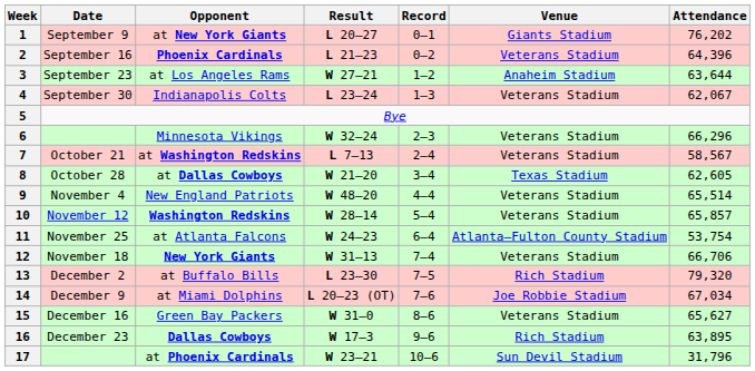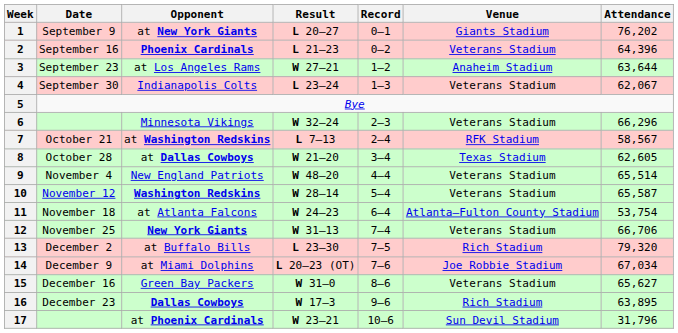 <table class="wikitable" style="text-align:center">
 <tr>
 <th>Week</th>
 <th>Date</th>
 <th>Opponent</th>
 <th>Result</th>
 <th>Record</th>
 <th>Venue</th>
 <th>Attendance</th>
 </tr>
 <tr style="background:#fcc">
 <th>1</th>
 <td>September 9</td>
 <td>at <strong><a href='#'>New York Giants</a></strong></td>
 <td><strong>L</strong> 20–27</td>
 <td>0–1</td>
 <td><a href='#'>Giants Stadium</a></td>
 <td>76,202</td>
 </tr>
 <tr style="background:#fcc">
 <th>2</th>
 <td>September 16</td>
 <td><strong><a href='#'>Phoenix Cardinals</a></strong></td>
 <td><strong>L</strong> 21–23</td>
 <td>0–2</td>
 <td><a href='#'>Veterans Stadium</a></td>
 <td>64,396</td>
 </tr>
 <tr style="background:#cfc">
 <th>3</th>
 <td>September 23</td>
 <td>at <a href='#'>Los Angeles Rams</a></td>
 <td><strong>W</strong> 27–21</td>
 <td>1–2</td>
 <td><a href='#'>Anaheim Stadium</a></td>
 <td>63,644</td>
 </tr>
 <tr style="background:#fcc">
 <th>4</th>
 <td>September 30</td>
 <td><a href='#'>Indianapolis Colts</a></td>
 <td><strong>L</strong> 23–24</td>
 <td>1–3</td>
 <td>Veterans Stadium</td>
 <td>62,067</td>
 </tr>
 <tr>
 <th>5</th>
 <td colspan="6" style="text-align:center;"><em><a href='#'>Bye</a></em></td>
 </tr>
 <tr style="background:#cfc">
 <th>6</th>
 <td></td>
 <td><a href='#'>Minnesota Vikings</a></td>
 <td><strong>W</strong> 32–24</td>
 <td>2–3</td>
 <td>Veterans Stadium</td>
 <td>66,296</td>
 </tr>
 <tr style="background:#fcc">
 <th>7</th>
 <td>October 21</td>
 <td>at <strong><a href='#'>Washington Redskins</a></strong></td>
 <td><strong>L</strong> 7–13</td>
 <td>2–4</td>
-<td>Veterans Stadium</td>
+<td><a href='#'>RFK Stadium</a></td>
 <td>58,567</td>
 </tr>
 <tr style="background:#cfc">
 <th>8</th>
 <td>October 28</td>
 <td>at <strong><a href='#'>Dallas Cowboys</a></strong></td>
 <td><strong>W</strong> 21–20</td>
 <td>3–4</td>
 <td><a href='#'>Texas Stadium</a></td>
 <td>62,605</td>
 </tr>
 <tr style="background:#cfc">
 <th>9</th>
 <td>November 4</td>
 <td><a href='#'>New England Patriots</a></td>
 <td><strong>W</strong> 48–20</td>
 <td>4–4</td>
 <td>Veterans Stadium</td>
 <td>65,514</td>
 </tr>
 <tr style="background:#cfc">
 <th>10</th>
 <td><a href='#'>November 12</a></td>
 <td><strong><a href='#'>Washington Redskins</a></strong></td>
 <td><strong>W</strong> 28–14</td>
 <td>5–4</td>
 <td>Veterans Stadium</td>
-<td>65,857</td>
+<td>65,587</td>
 </tr>
 <tr style="background:#cfc">
 <th>11</th>
-<td>November 25</td>
+<td>November 18</td>
 <td>at <a href='#'>Atlanta Falcons</a></td>
 <td><strong>W</strong> 24–23</td>
 <td>6–4</td>
 <td><a href='#'>Atlanta–Fulton County Stadium</a></td>
 <td>53,754</td>
 </tr>
 <tr style="background:#cfc">
 <th>12</th>
-<td>November 18</td>
+<td>November 25</td>
 <td><strong><a href='#'>New York Giants</a></strong></td>
 <td><strong>W</strong> 31–13</td>
 <td>7–4</td>
 <td>Veterans Stadium</td>
 <td>66,706</td>
 </tr>
 <tr style="background:#fcc">
 <th>13</th>
 <td>December 2</td>
 <td>at <a href='#'>Buffalo Bills</a></td>
 <td><strong>L</strong> 23–30</td>
 <td>7–5</td>
 <td><a href='#'>Rich Stadium</a></td>
 <td>79,320</td>
 </tr>
 <tr style="background:#fcc">
 <th>14</th>
 <td>December 9</td>
 <td>at <a href='#'>Miami Dolphins</a></td>
 <td><strong>L</strong> 20–23 (OT)</td>
 <td>7–6</td>
 <td><a href='#'>Joe Robbie Stadium</a></td>
 <td>67,034</td>
 </tr>
 <tr style="background:#cfc">
 <th>15</th>
 <td>December 16</td>
 <td><a href='#'>Green Bay Packers</a></td>
 <td><strong>W</strong> 31–0</td>
 <td>8–6</td>
 <td>Veterans Stadium</td>
 <td>65,627</td>
 </tr>
 <tr style="background:#cfc">
 <th>16</th>
 <td>December 23</td>
 <td><strong><a href='#'>Dallas Cowboys</a></strong></td>
 <td><strong>W</strong> 17–3</td>
 <td>9–6</td>
 <td><a href='#'>Rich Stadium</a></td>
 <td>63,895</td>
 </tr>
 <tr style="background:#cfc">
 <th>17</th>
 <td></td>
 <td>at <strong><a href='#'>Phoenix Cardinals</a></strong></td>
 <td><strong>W</strong> 23–21</td>
 <td>10–6</td>
 <td><a href='#'>Sun Devil Stadium</a></td>
 <td>31,796</td>
 </tr>
 </table>
